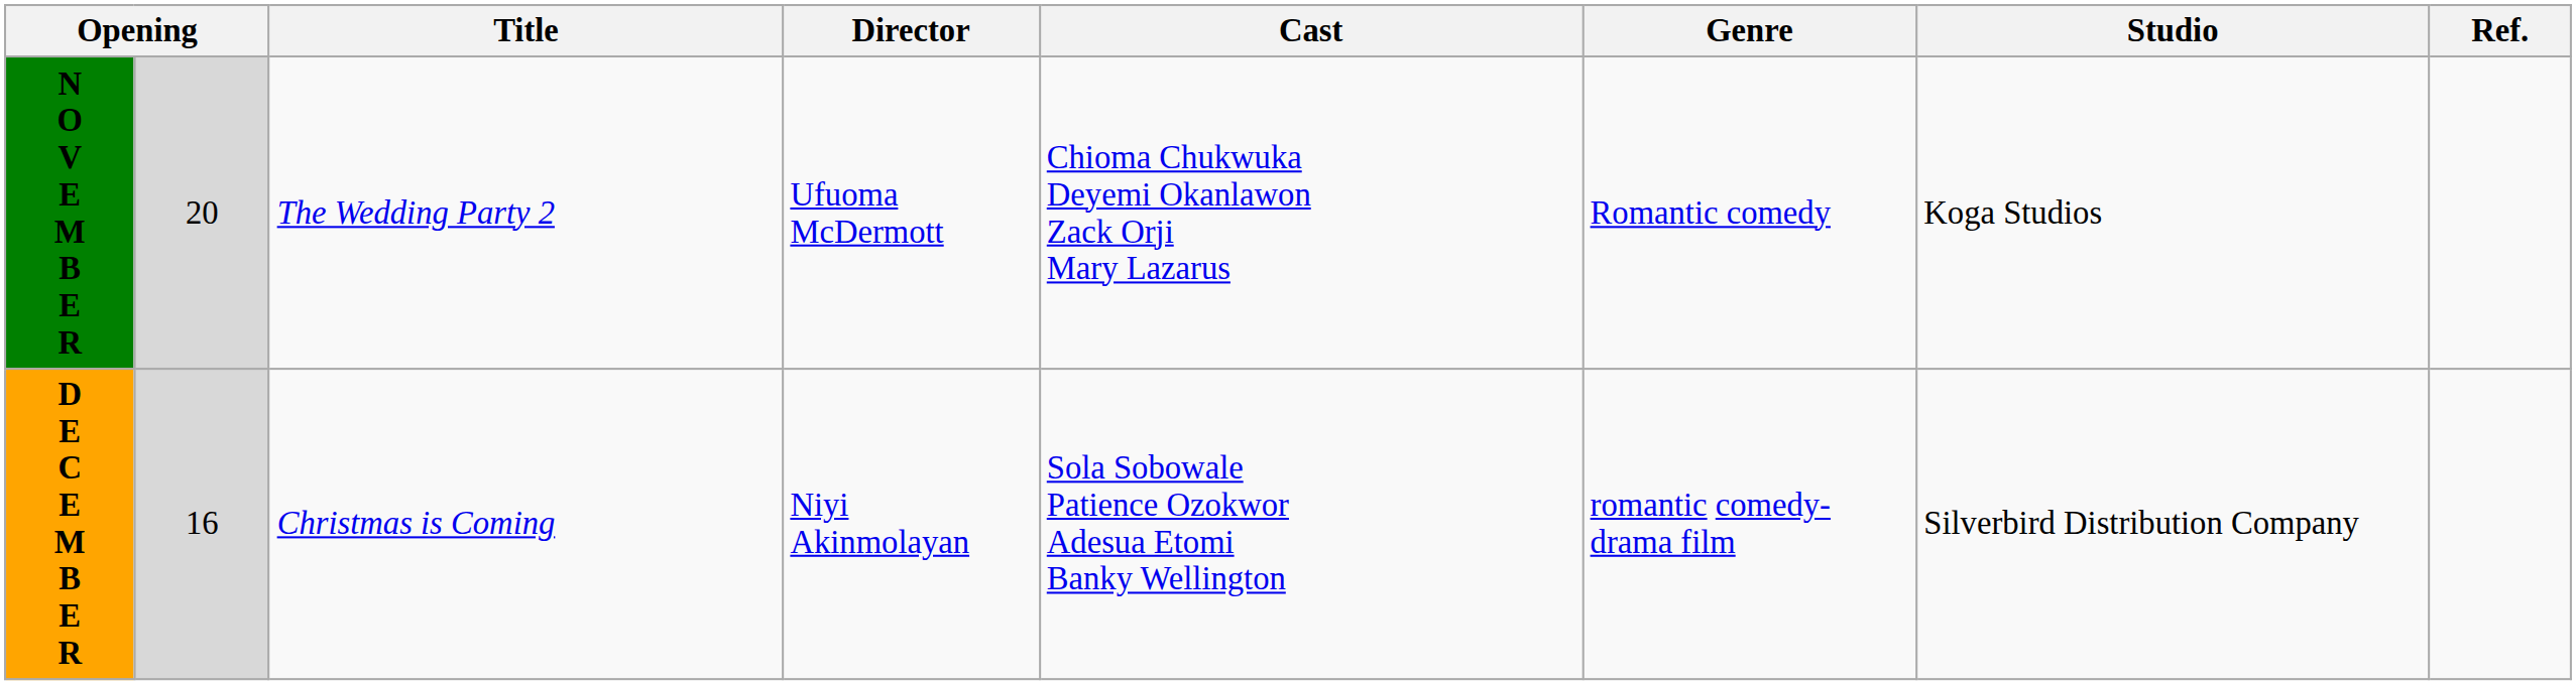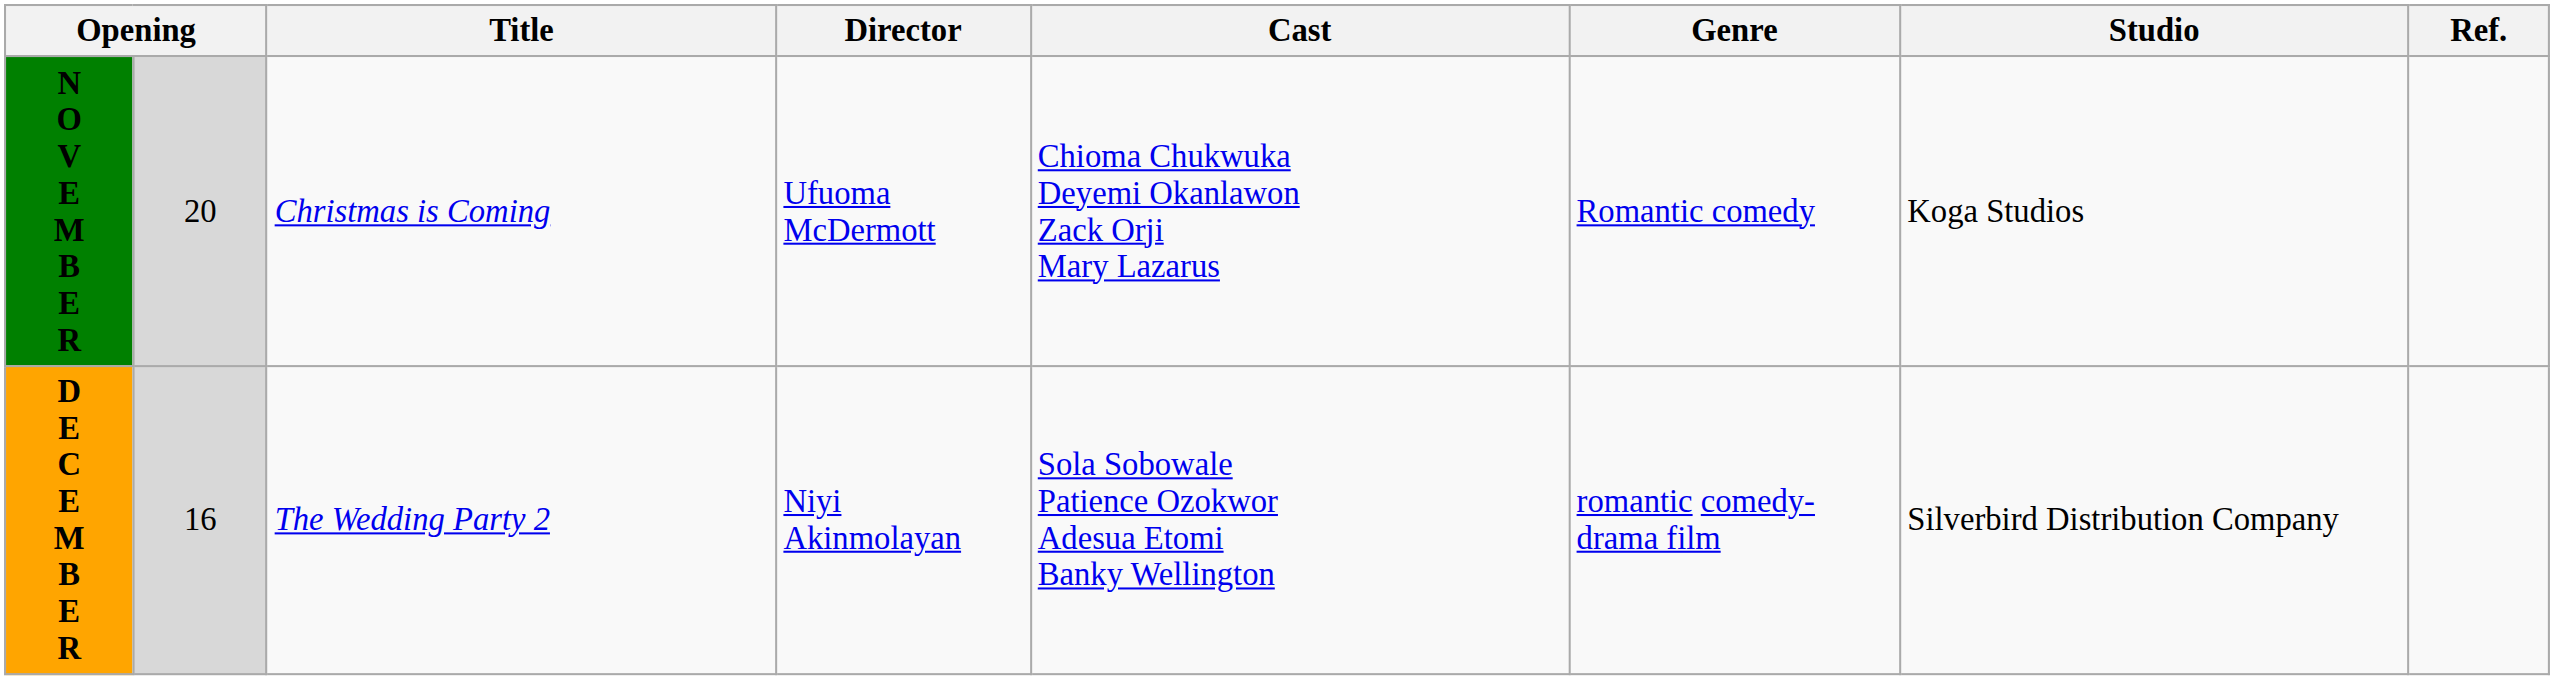 <table class="wikitable">
 <tr>
 <th colspan="2">Opening</th>
 <th style="width:20%;">Title</th>
 <th style="width:10%;">Director</th>
 <th>Cast</th>
 <th style="width:13%">Genre</th>
 <th style="width:20%">Studio</th>
 <th>Ref.</th>
 </tr>
 <tr>
 <td rowspan=1 style="text-align:center; background:green; textcolor:#000;"><strong>N<br>O<br>V<br>E<br>M<br>B<br>E<br>R<br></strong></td>
 <td rowspan=1 style="text-align:center; background:#d8d8d8; textcolor:#000;">20</td>
-<td><em><a href='#'>The Wedding Party 2</a></em></td>
+<td><em><a href='#'>Christmas is Coming</a></em></td>
 <td><a href='#'>Ufuoma McDermott</a></td>
 <td><a href='#'>Chioma Chukwuka</a><br><a href='#'>Deyemi Okanlawon</a><br><a href='#'>Zack Orji</a><br><a href='#'>Mary Lazarus</a></td>
 <td><a href='#'>Romantic comedy</a></td>
 <td>Koga Studios</td>
 <td></td>
 </tr>
 <tr>
 <td rowspan=1 style="text-align:center; background:orange; textcolor:#000;"><strong>D<br>E<br>C<br>E<br>M<br>B<br>E<br>R<br></strong></td>
 <td rowspan=1 style="text-align:center; background:#d8d8d8; textcolor:#000;">16</td>
-<td><em><a href='#'>Christmas is Coming</a></em></td>
+<td><em><a href='#'>The Wedding Party 2</a></em></td>
 <td><a href='#'>Niyi Akinmolayan</a></td>
 <td><a href='#'>Sola Sobowale</a><br> <a href='#'>Patience Ozokwor</a><br> <a href='#'>Adesua Etomi</a> <br><a href='#'>Banky Wellington</a></td>
 <td><a href='#'>romantic</a> <a href='#'>comedy-drama film</a></td>
 <td>Silverbird Distribution Company</td>
 <td></td>
 </tr>
 </table>
